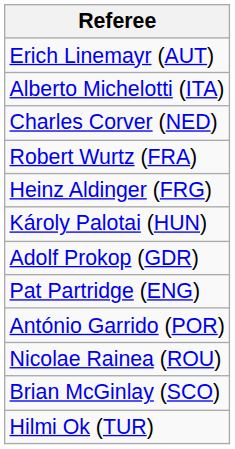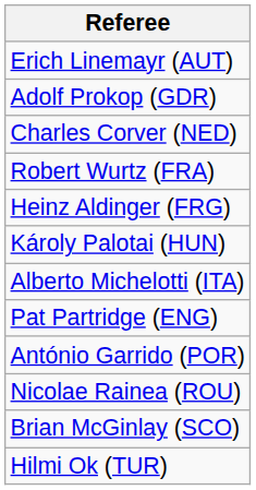 <table class="wikitable">
 <tr>
 <th>Referee</th>
 </tr>
 <tr>
 <td><a href='#'>Erich Linemayr</a> (<a href='#'>AUT</a>)</td>
 </tr>
 <tr>
-<td><a href='#'>Alberto Michelotti</a> (<a href='#'>ITA</a>)</td>
+<td><a href='#'>Adolf Prokop</a> (<a href='#'>GDR</a>)</td>
 </tr>
 <tr>
 <td><a href='#'>Charles Corver</a> (<a href='#'>NED</a>)</td>
 </tr>
 <tr>
 <td><a href='#'>Robert Wurtz</a> (<a href='#'>FRA</a>)</td>
 </tr>
 <tr>
 <td><a href='#'>Heinz Aldinger</a> (<a href='#'>FRG</a>)</td>
 </tr>
 <tr>
 <td><a href='#'>Károly Palotai</a> (<a href='#'>HUN</a>)</td>
 </tr>
 <tr>
-<td><a href='#'>Adolf Prokop</a> (<a href='#'>GDR</a>)</td>
+<td><a href='#'>Alberto Michelotti</a> (<a href='#'>ITA</a>)</td>
 </tr>
 <tr>
 <td><a href='#'>Pat Partridge</a> (<a href='#'>ENG</a>)</td>
 </tr>
 <tr>
 <td><a href='#'>António Garrido</a> (<a href='#'>POR</a>)</td>
 </tr>
 <tr>
 <td><a href='#'>Nicolae Rainea</a> (<a href='#'>ROU</a>)</td>
 </tr>
 <tr>
 <td><a href='#'>Brian McGinlay</a> (<a href='#'>SCO</a>)</td>
 </tr>
 <tr>
 <td><a href='#'>Hilmi Ok</a> (<a href='#'>TUR</a>)</td>
 </tr>
 </table>
